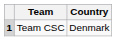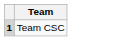 <table class="wikitable">
 <tr style="background:#ccccff;">
 <th></th>
 <th>Team</th>
-<th>Country</th>
 </tr>
 <tr>
 <td style="background: lightgrey;"><strong>1</strong></td>
 <td>Team CSC</td>
-<td>Denmark</td>
 </tr>
 </table>
